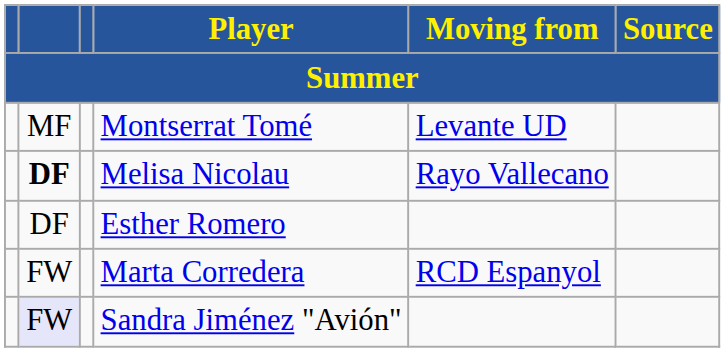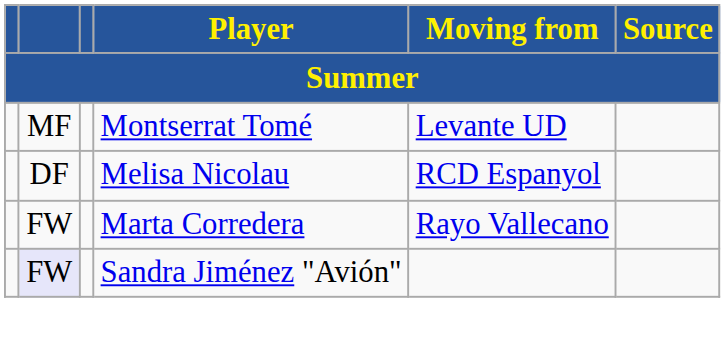 <table class="wikitable plainrowheaders sortable" style="text-align:center">
 <tr>
 <th style="background:#26559B; color:#FFF000; "></th>
 <th style="background:#26559B; color:#FFF000; "></th>
 <th style="background:#26559B; color:#FFF000; "></th>
 <th style="background:#26559B; color:#FFF000; ">Player</th>
 <th style="background:#26559B; color:#FFF000; ">Moving from</th>
 <th style="background:#26559B; color:#FFF000; ">Source</th>
 </tr>
 <tr>
 <th colspan="6" style="background:#26559B; color:#FFF000; ">Summer</th>
 </tr>
 <tr>
 <td></td>
 <td>MF</td>
 <td></td>
 <td align="left"><a href='#'>Montserrat Tomé</a></td>
 <td align="left"><a href='#'>Levante UD</a></td>
 <td></td>
 </tr>
 <tr>
 <td></td>
-<td><strong>DF</strong></td>
+<td>DF</td>
 <td></td>
 <td align="left"><a href='#'>Melisa Nicolau</a></td>
-<td align="left"><a href='#'>Rayo Vallecano</a></td>
-<td></td>
-</tr>
-<tr>
-<td></td>
-<td>DF</td>
-<td></td>
-<td align="left"><a href='#'>Esther Romero</a></td>
-<td align="left"></td>
+<td align="left"><a href='#'>RCD Espanyol</a></td>
 <td></td>
 </tr>
 <tr>
 <td></td>
 <td>FW</td>
 <td></td>
 <td align="left"><a href='#'>Marta Corredera</a></td>
-<td align="left"><a href='#'>RCD Espanyol</a></td>
+<td align="left"><a href='#'>Rayo Vallecano</a></td>
 <td></td>
 </tr>
 <tr>
 <td></td>
 <td style="background: lavender;">FW</td>
 <td></td>
 <td align="left"><a href='#'>Sandra Jiménez</a> "Avión"</td>
 <td align="left"></td>
 <td></td>
 </tr>
 </table>
